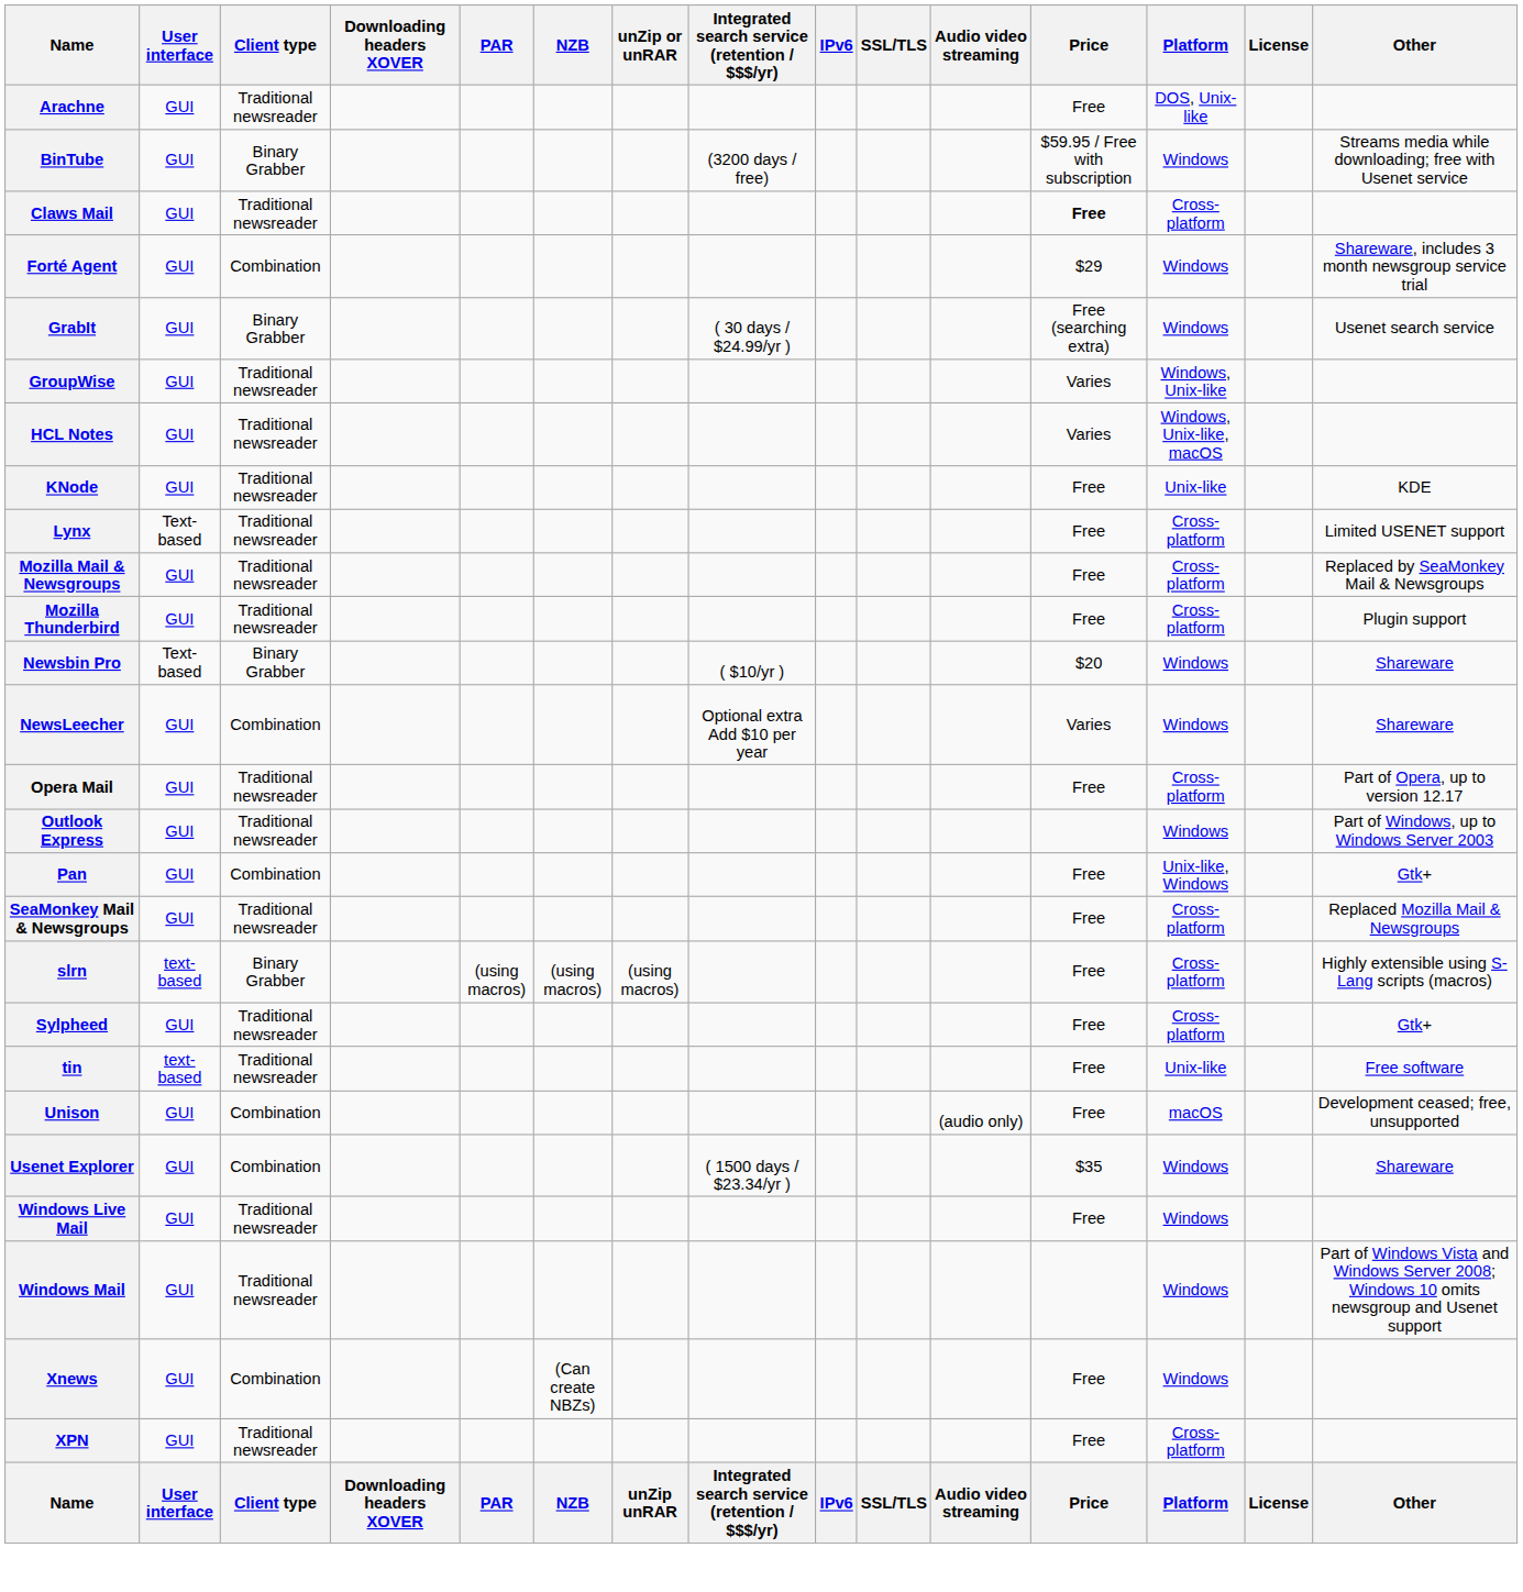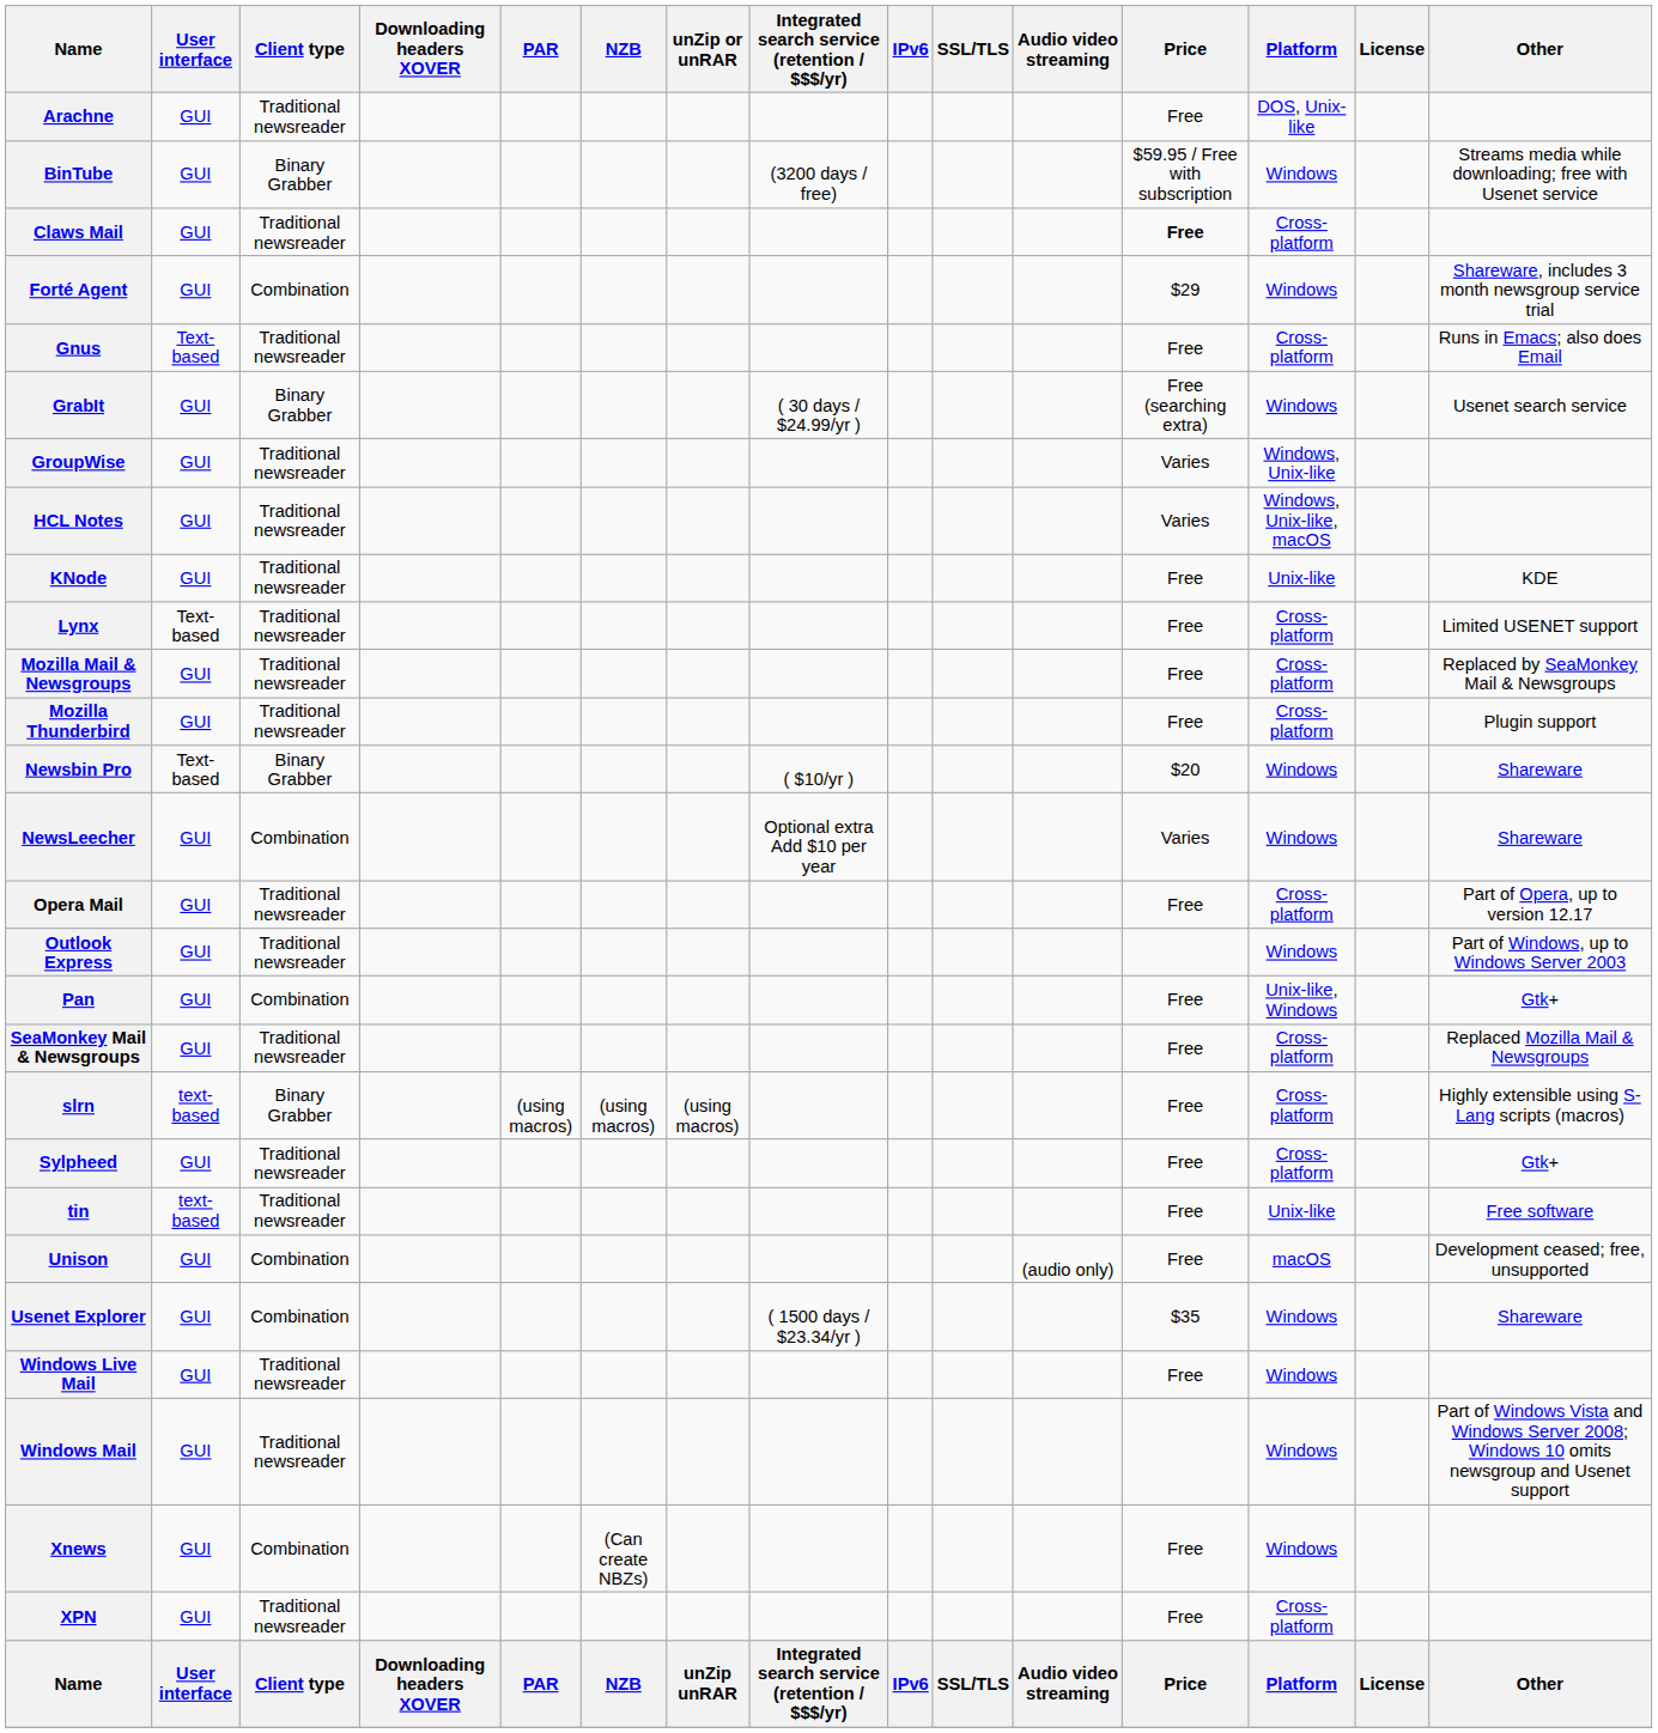 <table class="wikitable sortable" style="font-size:smaller; text-align: center; width: auto">
 <tr>
 <th>Name</th>
 <th><a href='#'>User interface</a></th>
 <th><a href='#'>Client</a> type</th>
 <th>Downloading headers <a href='#'>XOVER</a></th>
 <th><a href='#'>PAR</a></th>
 <th><a href='#'>NZB</a></th>
 <th>unZip or unRAR</th>
 <th>Integrated search service (retention / $$$/yr)</th>
 <th><a href='#'>IPv6</a></th>
 <th>SSL/TLS</th>
 <th>Audio video streaming</th>
 <th>Price</th>
 <th><a href='#'>Platform</a></th>
 <th>License</th>
 <th>Other</th>
 </tr>
 <tr>
 <th><a href='#'>Arachne</a></th>
 <td><a href='#'>GUI</a></td>
 <td>Traditional newsreader</td>
 <td></td>
 <td></td>
 <td></td>
 <td></td>
 <td></td>
 <td></td>
 <td></td>
 <td></td>
 <td>Free</td>
 <td><a href='#'>DOS</a>, <a href='#'>Unix-like</a></td>
 <td></td>
 <td></td>
 </tr>
 <tr>
 <th><a href='#'>BinTube</a></th>
 <td><a href='#'>GUI</a></td>
 <td>Binary Grabber</td>
 <td></td>
 <td></td>
 <td></td>
 <td></td>
 <td><br>(3200 days / free)</td>
 <td></td>
 <td></td>
 <td></td>
 <td>$59.95 / Free with subscription</td>
 <td><a href='#'>Windows</a></td>
 <td></td>
 <td>Streams media while downloading; free with Usenet service</td>
 </tr>
 <tr>
 <th><a href='#'>Claws Mail</a></th>
 <td><a href='#'>GUI</a></td>
 <td>Traditional newsreader</td>
 <td> </td>
 <td></td>
 <td></td>
 <td></td>
 <td></td>
 <td></td>
 <td></td>
 <td></td>
 <td><strong>Free</strong></td>
 <td><a href='#'>Cross-platform</a></td>
 <td></td>
 <td></td>
 </tr>
 <tr>
 <th><a href='#'>Forté Agent</a></th>
 <td><a href='#'>GUI</a></td>
 <td>Combination</td>
 <td></td>
 <td></td>
 <td></td>
 <td></td>
 <td></td>
 <td></td>
 <td></td>
 <td></td>
 <td>$29</td>
 <td><a href='#'>Windows</a></td>
 <td></td>
 <td><a href='#'>Shareware</a>, includes 3 month newsgroup service trial</td>
+</tr>
+<tr>
+<th><a href='#'>Gnus</a></th>
+<td><a href='#'>Text-based</a></td>
+<td>Traditional newsreader</td>
+<td></td>
+<td></td>
+<td></td>
+<td></td>
+<td></td>
+<td></td>
+<td></td>
+<td></td>
+<td>Free</td>
+<td><a href='#'>Cross-platform</a></td>
+<td></td>
+<td>Runs in <a href='#'>Emacs</a>; also does <a href='#'>Email</a></td>
 </tr>
 <tr>
 <th><a href='#'>GrabIt</a></th>
 <td><a href='#'>GUI</a></td>
 <td>Binary Grabber</td>
 <td></td>
 <td></td>
 <td></td>
 <td></td>
 <td><br>( 30 days / $24.99/yr )</td>
 <td></td>
 <td></td>
 <td></td>
 <td>Free (searching extra)</td>
 <td><a href='#'>Windows</a></td>
 <td></td>
 <td>Usenet search service</td>
 </tr>
 <tr>
 <th><a href='#'>GroupWise</a></th>
 <td><a href='#'>GUI</a></td>
 <td>Traditional newsreader</td>
 <td></td>
 <td></td>
 <td></td>
 <td></td>
 <td></td>
 <td></td>
 <td></td>
 <td></td>
 <td>Varies</td>
 <td><a href='#'>Windows</a>, <a href='#'>Unix-like</a></td>
 <td></td>
 <td></td>
 </tr>
 <tr>
 <th><a href='#'>HCL Notes</a></th>
 <td><a href='#'>GUI</a></td>
 <td>Traditional newsreader</td>
 <td></td>
 <td></td>
 <td></td>
 <td></td>
 <td></td>
 <td></td>
 <td></td>
 <td></td>
 <td>Varies</td>
 <td><a href='#'>Windows</a>, <a href='#'>Unix-like</a>, <a href='#'>macOS</a></td>
 <td></td>
 <td></td>
 </tr>
 <tr>
 <th><a href='#'>KNode</a></th>
 <td><a href='#'>GUI</a></td>
 <td>Traditional newsreader</td>
 <td></td>
 <td></td>
 <td></td>
 <td></td>
 <td></td>
 <td></td>
 <td></td>
 <td></td>
 <td>Free</td>
 <td><a href='#'>Unix-like</a></td>
 <td></td>
 <td>KDE</td>
 </tr>
 <tr>
 <th><a href='#'>Lynx</a></th>
 <td>Text-based</td>
 <td>Traditional newsreader</td>
 <td></td>
 <td></td>
 <td></td>
 <td></td>
 <td></td>
 <td></td>
 <td></td>
 <td></td>
 <td>Free</td>
 <td><a href='#'>Cross-platform</a></td>
 <td></td>
 <td>Limited USENET support</td>
 </tr>
 <tr>
 <th><a href='#'>Mozilla Mail & Newsgroups</a></th>
 <td><a href='#'>GUI</a></td>
 <td>Traditional newsreader</td>
 <td></td>
 <td></td>
 <td></td>
 <td></td>
 <td></td>
 <td></td>
 <td></td>
 <td></td>
 <td>Free</td>
 <td><a href='#'>Cross-platform</a></td>
 <td></td>
 <td>Replaced by <a href='#'>SeaMonkey</a> Mail & Newsgroups</td>
 </tr>
 <tr>
 <th><a href='#'>Mozilla Thunderbird</a></th>
 <td><a href='#'>GUI</a></td>
 <td>Traditional newsreader</td>
 <td></td>
 <td></td>
 <td></td>
 <td></td>
 <td></td>
 <td></td>
 <td></td>
 <td></td>
 <td>Free</td>
 <td><a href='#'>Cross-platform</a></td>
 <td></td>
 <td>Plugin support</td>
 </tr>
 <tr>
 <th><a href='#'>Newsbin Pro</a></th>
 <td>Text-based</td>
 <td>Binary Grabber</td>
 <td></td>
 <td></td>
 <td></td>
 <td></td>
 <td><br>( $10/yr )</td>
 <td></td>
 <td></td>
 <td></td>
 <td>$20</td>
 <td><a href='#'>Windows</a></td>
 <td></td>
 <td><a href='#'>Shareware</a></td>
 </tr>
 <tr>
 <th><a href='#'>NewsLeecher</a></th>
 <td><a href='#'>GUI</a></td>
 <td>Combination</td>
 <td></td>
 <td></td>
 <td></td>
 <td></td>
 <td><br>Optional extra  Add $10 per year</td>
 <td></td>
 <td></td>
 <td></td>
 <td>Varies</td>
 <td><a href='#'>Windows</a></td>
 <td></td>
 <td><a href='#'>Shareware</a></td>
 </tr>
 <tr>
 <th>Opera Mail</th>
 <td><a href='#'>GUI</a></td>
 <td>Traditional newsreader</td>
 <td></td>
 <td></td>
 <td></td>
 <td></td>
 <td></td>
 <td></td>
 <td></td>
 <td></td>
 <td>Free</td>
 <td><a href='#'>Cross-platform</a></td>
 <td></td>
 <td>Part of <a href='#'>Opera</a>, up to version 12.17</td>
 </tr>
 <tr>
 <th><a href='#'>Outlook Express</a></th>
 <td><a href='#'>GUI</a></td>
 <td>Traditional newsreader</td>
 <td></td>
 <td></td>
 <td></td>
 <td></td>
 <td></td>
 <td></td>
 <td></td>
 <td></td>
 <td></td>
 <td><a href='#'>Windows</a></td>
 <td></td>
 <td>Part of <a href='#'>Windows</a>, up to <a href='#'>Windows Server 2003</a></td>
 </tr>
 <tr>
 <th><a href='#'>Pan</a></th>
 <td><a href='#'>GUI</a></td>
 <td>Combination</td>
 <td></td>
 <td></td>
 <td></td>
 <td></td>
 <td></td>
 <td></td>
 <td></td>
 <td></td>
 <td>Free</td>
 <td><a href='#'>Unix-like</a>, <a href='#'>Windows</a></td>
 <td></td>
 <td><a href='#'>Gtk</a>+</td>
 </tr>
 <tr>
 <th><a href='#'>SeaMonkey</a> Mail & Newsgroups</th>
 <td><a href='#'>GUI</a></td>
 <td>Traditional newsreader</td>
 <td></td>
 <td></td>
 <td></td>
 <td></td>
 <td></td>
 <td></td>
 <td></td>
 <td></td>
 <td>Free</td>
 <td><a href='#'>Cross-platform</a></td>
 <td></td>
 <td>Replaced <a href='#'>Mozilla Mail & Newsgroups</a></td>
 </tr>
 <tr>
 <th><a href='#'>slrn</a></th>
 <td><a href='#'>text-based</a></td>
 <td>Binary Grabber</td>
 <td></td>
 <td><br>(using macros)</td>
 <td><br>(using macros)</td>
 <td><br>(using macros)</td>
 <td></td>
 <td></td>
 <td></td>
 <td></td>
 <td>Free</td>
 <td><a href='#'>Cross-platform</a></td>
 <td></td>
 <td>Highly extensible using <a href='#'>S-Lang</a> scripts (macros)</td>
 </tr>
 <tr>
 <th><a href='#'>Sylpheed</a></th>
 <td><a href='#'>GUI</a></td>
 <td>Traditional newsreader</td>
 <td></td>
 <td></td>
 <td></td>
 <td></td>
 <td></td>
 <td></td>
 <td></td>
 <td></td>
 <td>Free</td>
 <td><a href='#'>Cross-platform</a></td>
 <td></td>
 <td><a href='#'>Gtk</a>+</td>
 </tr>
 <tr>
 <th><a href='#'>tin</a></th>
 <td><a href='#'>text-based</a></td>
 <td>Traditional newsreader</td>
 <td></td>
 <td></td>
 <td></td>
 <td></td>
 <td></td>
 <td></td>
 <td></td>
 <td></td>
 <td>Free</td>
 <td><a href='#'>Unix-like</a></td>
 <td></td>
 <td><a href='#'>Free software</a></td>
 </tr>
 <tr>
 <th><a href='#'>Unison</a></th>
 <td><a href='#'>GUI</a></td>
 <td>Combination</td>
 <td></td>
 <td></td>
 <td></td>
 <td></td>
 <td></td>
 <td></td>
 <td></td>
 <td><br>(audio only)</td>
 <td>Free</td>
 <td><a href='#'>macOS</a></td>
 <td></td>
 <td>Development ceased; free, unsupported</td>
 </tr>
 <tr>
 <th><a href='#'>Usenet Explorer</a></th>
 <td><a href='#'>GUI</a></td>
 <td>Combination</td>
 <td></td>
 <td></td>
 <td></td>
 <td></td>
 <td><br>( 1500 days / $23.34/yr )</td>
 <td></td>
 <td></td>
 <td></td>
 <td>$35</td>
 <td><a href='#'>Windows</a></td>
 <td></td>
 <td><a href='#'>Shareware</a></td>
 </tr>
 <tr>
 <th><a href='#'>Windows Live Mail</a></th>
 <td><a href='#'>GUI</a></td>
 <td>Traditional newsreader</td>
 <td></td>
 <td></td>
 <td></td>
 <td></td>
 <td></td>
 <td></td>
 <td></td>
 <td></td>
 <td>Free</td>
 <td><a href='#'>Windows</a></td>
 <td></td>
 <td></td>
 </tr>
 <tr>
 <th><a href='#'>Windows Mail</a></th>
 <td><a href='#'>GUI</a></td>
 <td>Traditional newsreader</td>
 <td></td>
 <td></td>
 <td></td>
 <td></td>
 <td></td>
 <td></td>
 <td></td>
 <td></td>
 <td></td>
 <td><a href='#'>Windows</a></td>
 <td></td>
 <td>Part of <a href='#'>Windows Vista</a> and <a href='#'>Windows Server 2008</a>; <a href='#'>Windows 10</a> omits newsgroup and Usenet support</td>
 </tr>
 <tr>
 <th><a href='#'>Xnews</a></th>
 <td><a href='#'>GUI</a></td>
 <td>Combination</td>
 <td></td>
 <td></td>
 <td><br>(Can create NBZs)</td>
 <td></td>
 <td></td>
 <td></td>
 <td></td>
 <td></td>
 <td>Free</td>
 <td><a href='#'>Windows</a></td>
 <td></td>
 <td></td>
 </tr>
 <tr>
 <th><a href='#'>XPN</a></th>
 <td><a href='#'>GUI</a></td>
 <td>Traditional newsreader</td>
 <td></td>
 <td></td>
 <td></td>
 <td></td>
 <td></td>
 <td></td>
 <td></td>
 <td></td>
 <td>Free</td>
 <td><a href='#'>Cross-platform</a></td>
 <td></td>
 <td></td>
 </tr>
 <tr class="sortbottom">
 <th>Name</th>
 <th><a href='#'>User interface</a></th>
 <th><a href='#'>Client</a> type</th>
 <th>Downloading headers <a href='#'>XOVER</a></th>
 <th><a href='#'>PAR</a></th>
 <th><a href='#'>NZB</a></th>
 <th>unZip unRAR</th>
 <th>Integrated search service (retention / $$$/yr)</th>
 <th><a href='#'>IPv6</a></th>
 <th>SSL/TLS</th>
 <th>Audio video streaming</th>
 <th>Price</th>
 <th><a href='#'>Platform</a></th>
 <th>License</th>
 <th>Other</th>
 </tr>
 <tr>
 </tr>
 </table>
